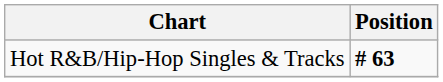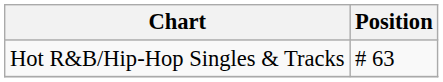 <table class="wikitable">
 <tr>
 <th align="left">Chart</th>
 <th align="left">Position</th>
 </tr>
 <tr>
 <td align="left">Hot R&B/Hip-Hop Singles & Tracks</td>
-<td align="left"><strong># 63</strong></td>
+<td align="left"># 63</td>
 </tr>
 <tr>
 </tr>
 </table>
